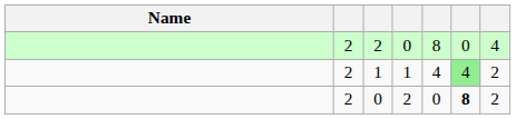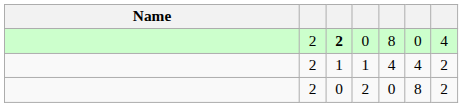 <table class=wikitable style="text-align:center">
 <tr>
 <th width=300>Name</th>
 <th width=20></th>
 <th width=20></th>
 <th width=20></th>
 <th width=20></th>
 <th width=20></th>
 <th width=20></th>
 </tr>
 <tr style="background-color:#ccffcc;">
 <td style="text-align:left;"></td>
 <td>2</td>
-<td>2</td>
+<td><strong>2</strong></td>
 <td>0</td>
 <td>8</td>
 <td>0</td>
 <td>4</td>
 </tr>
 <tr>
 <td style="text-align:left;"></td>
 <td>2</td>
 <td>1</td>
 <td>1</td>
 <td>4</td>
-<td style="background: lightgreen;">4</td>
+<td>4</td>
 <td>2</td>
 </tr>
 <tr>
 <td style="text-align:left;"></td>
 <td>2</td>
 <td>0</td>
 <td>2</td>
 <td>0</td>
-<td><strong>8</strong></td>
+<td>8</td>
 <td>2</td>
 </tr>
 </table>
